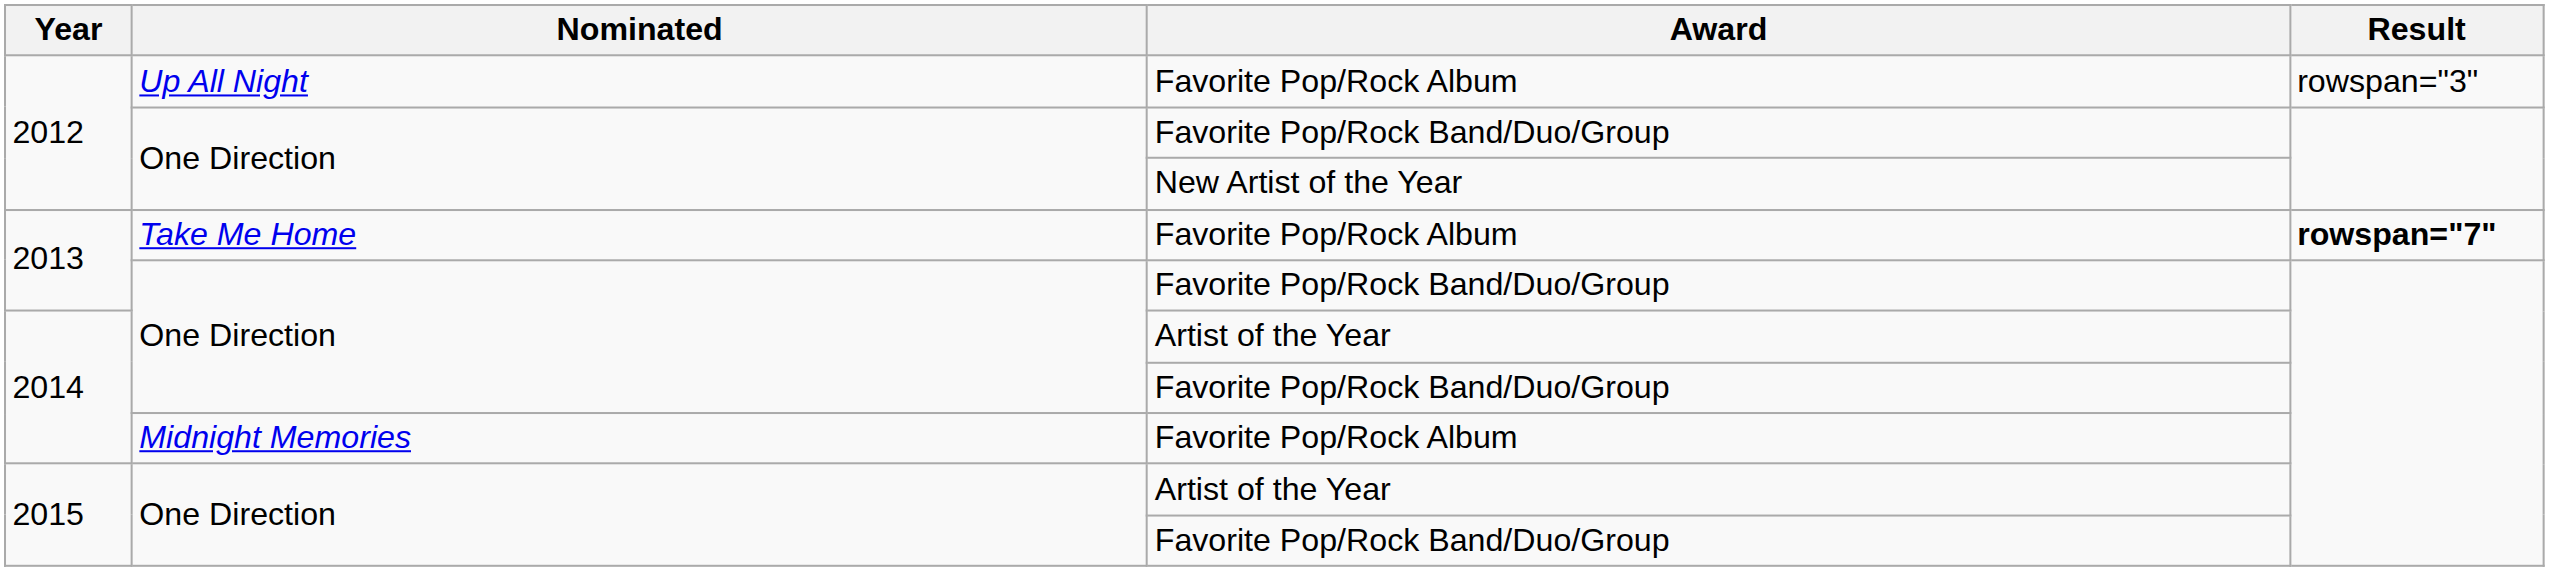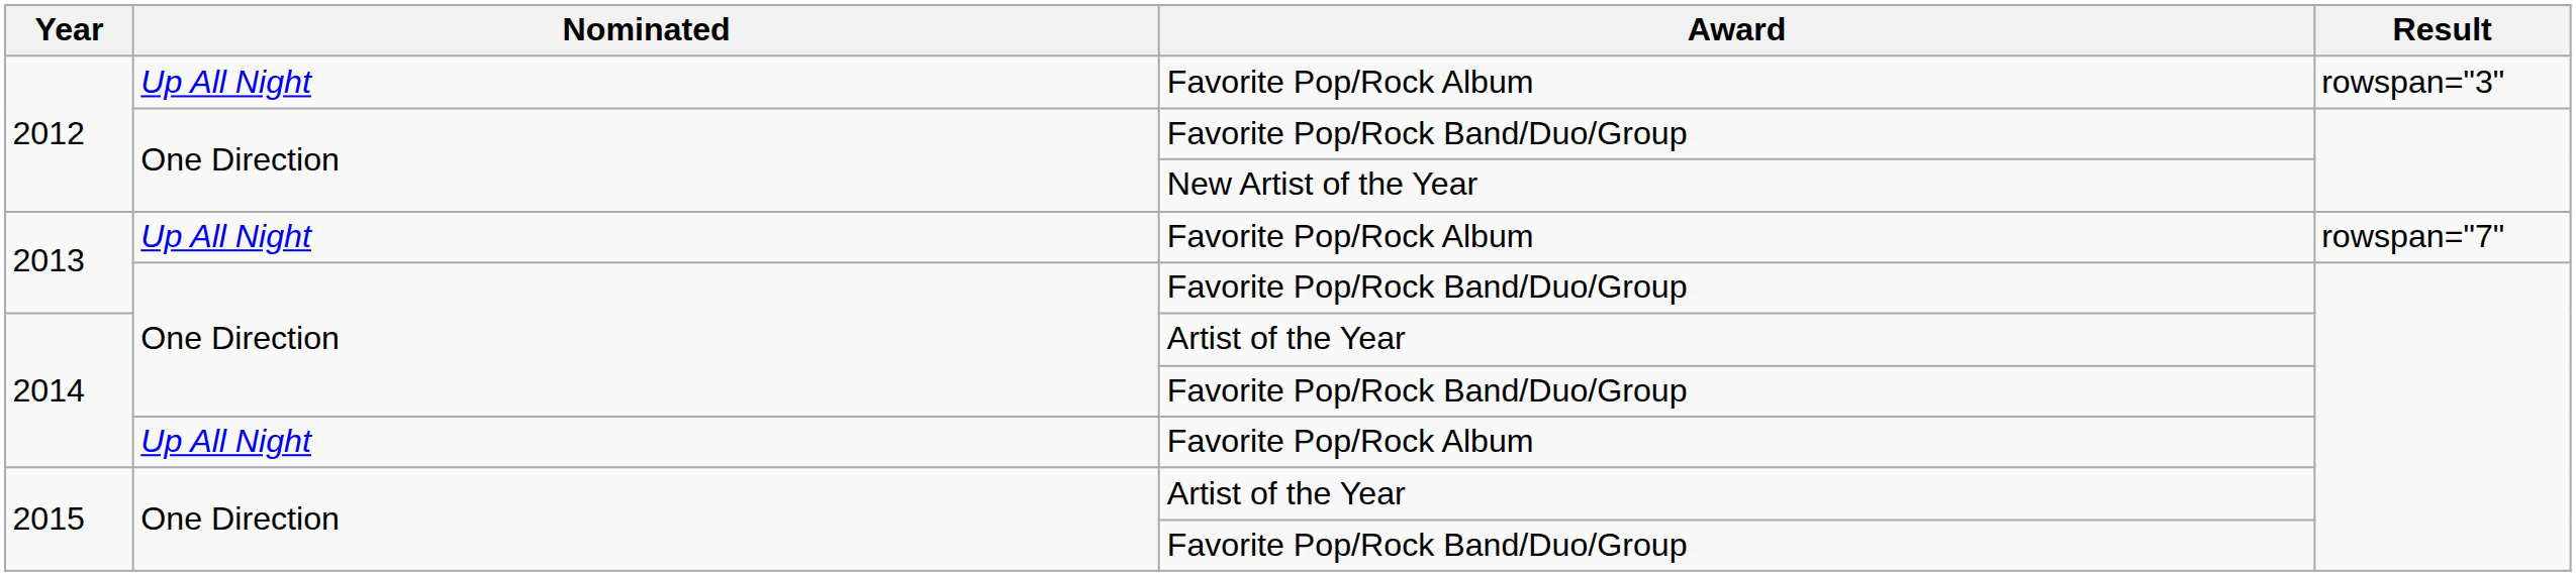 <table class="wikitable" style="width:100%;">
 <tr>
 <th width=5%>Year</th>
 <th style="width:40%;">Nominated</th>
 <th style="width:45%;">Award</th>
 <th style="width:10%;">Result</th>
 </tr>
 <tr>
 <td rowspan="3">2012</td>
 <td><em><a href='#'>Up All Night</a></em></td>
 <td>Favorite Pop/Rock Album</td>
 <td>rowspan="3" </td>
 </tr>
 <tr>
 <td rowspan="2">One Direction</td>
 <td>Favorite Pop/Rock Band/Duo/Group</td>
 </tr>
 <tr>
 <td>New Artist of the Year</td>
 </tr>
 <tr>
 <td rowspan="2">2013</td>
-<td><em><a href='#'>Take Me Home</a></em></td>
+<td><em><a href='#'>Up All Night</a></em></td>
 <td>Favorite Pop/Rock Album</td>
-<td><strong>rowspan="7" </strong></td>
+<td>rowspan="7" </td>
 </tr>
 <tr>
 <td rowspan="3">One Direction</td>
 <td>Favorite Pop/Rock Band/Duo/Group</td>
 </tr>
 <tr>
 <td rowspan="3">2014</td>
 <td>Artist of the Year</td>
 </tr>
 <tr>
 <td>Favorite Pop/Rock Band/Duo/Group</td>
 </tr>
 <tr>
-<td><em><a href='#'>Midnight Memories</a></em></td>
+<td><em><a href='#'>Up All Night</a></em></td>
 <td>Favorite Pop/Rock Album</td>
 </tr>
 <tr>
 <td rowspan="2">2015</td>
 <td rowspan="2">One Direction</td>
 <td>Artist of the Year</td>
 </tr>
 <tr>
 <td>Favorite Pop/Rock Band/Duo/Group</td>
 </tr>
 </table>
